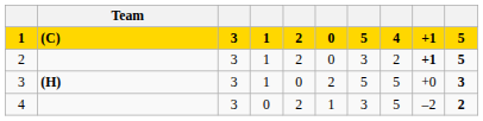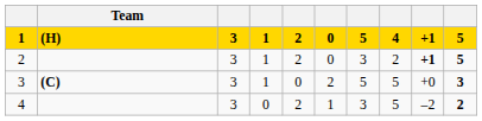 <table class="wikitable" style="text-align: center;">
 <tr>
 <th width=30></th>
 <th width=200>Team</th>
 <th width=30></th>
 <th width=30></th>
 <th width=30></th>
 <th width=30></th>
 <th width=30></th>
 <th width=30></th>
 <th width=30></th>
 <th width=30></th>
 </tr>
 <tr bgcolor=gold>
 <td><strong>1</strong></td>
-<td style="text-align:left;"><strong> (C)</strong></td>
+<td style="text-align:left;"> <strong>(H)</strong></td>
 <td><strong>3</strong></td>
 <td><strong>1</strong></td>
 <td><strong>2</strong></td>
 <td><strong>0</strong></td>
 <td><strong>5</strong></td>
 <td><strong>4</strong></td>
 <td><strong>+1</strong></td>
 <td><strong>5</strong></td>
 </tr>
 <tr>
 <td>2</td>
 <td style="text-align:left;"></td>
 <td>3</td>
 <td>1</td>
 <td>2</td>
 <td>0</td>
 <td>3</td>
 <td>2</td>
 <td><strong>+1</strong></td>
 <td><strong>5</strong></td>
 </tr>
 <tr>
 <td>3</td>
-<td style="text-align:left;"> <strong>(H)</strong></td>
+<td style="text-align:left;"><strong> (C)</strong></td>
 <td>3</td>
 <td>1</td>
 <td>0</td>
 <td>2</td>
 <td>5</td>
 <td>5</td>
 <td>+0</td>
 <td><strong>3</strong></td>
 </tr>
 <tr>
 <td>4</td>
 <td style="text-align:left;"></td>
 <td>3</td>
 <td>0</td>
 <td>2</td>
 <td>1</td>
 <td>3</td>
 <td>5</td>
 <td>–2</td>
 <td><strong>2</strong></td>
 </tr>
 </table>
